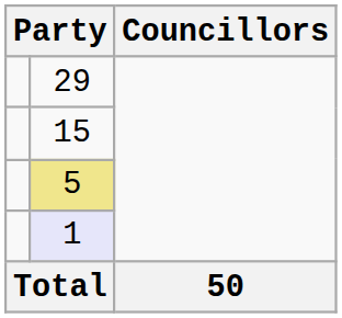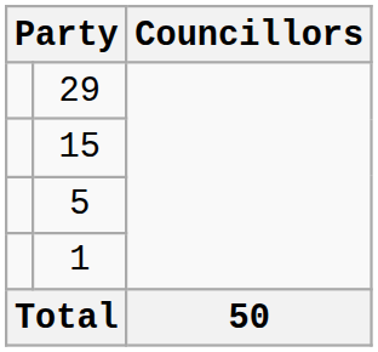 <table class="wikitable">
 <tr>
 <th colspan=2>Party</th>
 <th>Councillors</th>
 </tr>
 <tr>
 <td></td>
 <td align=center>29</td>
 </tr>
 <tr>
 <td></td>
 <td align=center>15</td>
 </tr>
 <tr>
 <td></td>
-<td align=center style="background: khaki;">5</td>
+<td align=center>5</td>
 </tr>
 <tr>
 <td></td>
-<td align=center style="background: lavender;">1</td>
+<td align=center>1</td>
 </tr>
 <tr>
 <th colspan=2>Total</th>
 <th align=center>50</th>
 </tr>
 </table>
